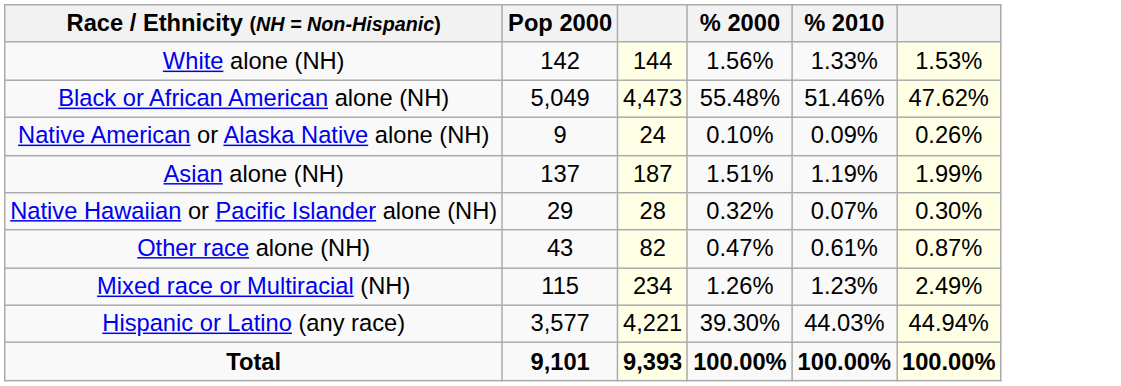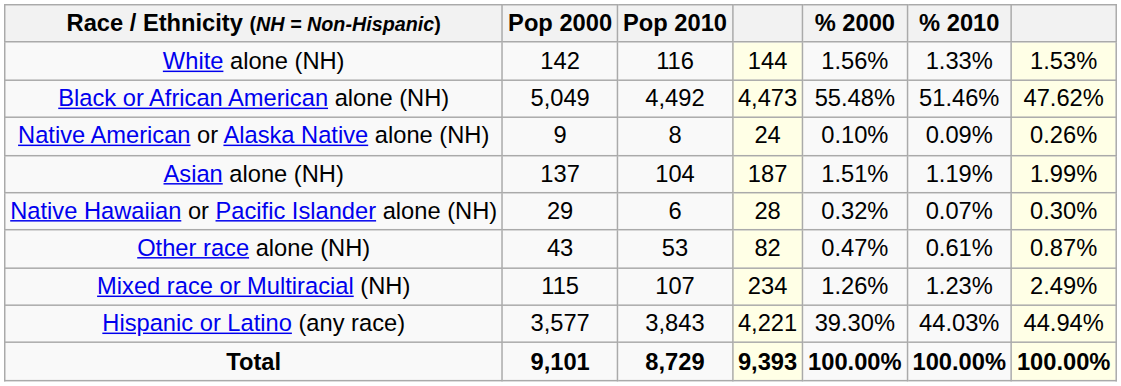 <table class="wikitable" style="text-align:center;">
 <tr>
 <th>Race / Ethnicity <small>(<em>NH = Non-Hispanic</em>)</small></th>
 <th>Pop 2000</th>
+<th>Pop 2010</th>
 <th></th>
 <th>% 2000</th>
 <th>% 2010</th>
 <th></th>
 </tr>
 <tr>
 <td><a href='#'>White</a> alone (NH)</td>
 <td>142</td>
+<td>116</td>
 <td style='background: #ffffe6;'>144</td>
 <td>1.56%</td>
 <td>1.33%</td>
 <td style='background: #ffffe6;'>1.53%</td>
 </tr>
 <tr>
 <td><a href='#'>Black or African American</a> alone (NH)</td>
 <td>5,049</td>
+<td>4,492</td>
 <td style='background: #ffffe6;'>4,473</td>
 <td>55.48%</td>
 <td>51.46%</td>
 <td style='background: #ffffe6;'>47.62%</td>
 </tr>
 <tr>
 <td><a href='#'>Native American</a> or <a href='#'>Alaska Native</a> alone (NH)</td>
 <td>9</td>
+<td>8</td>
 <td style='background: #ffffe6;'>24</td>
 <td>0.10%</td>
 <td>0.09%</td>
 <td style='background: #ffffe6;'>0.26%</td>
 </tr>
 <tr>
 <td><a href='#'>Asian</a> alone (NH)</td>
 <td>137</td>
+<td>104</td>
 <td style='background: #ffffe6;'>187</td>
 <td>1.51%</td>
 <td>1.19%</td>
 <td style='background: #ffffe6;'>1.99%</td>
 </tr>
 <tr>
 <td><a href='#'>Native Hawaiian</a> or <a href='#'>Pacific Islander</a> alone (NH)</td>
 <td>29</td>
+<td>6</td>
 <td style='background: #ffffe6;'>28</td>
 <td>0.32%</td>
 <td>0.07%</td>
 <td style='background: #ffffe6;'>0.30%</td>
 </tr>
 <tr>
 <td><a href='#'>Other race</a> alone (NH)</td>
 <td>43</td>
+<td>53</td>
 <td style='background: #ffffe6;'>82</td>
 <td>0.47%</td>
 <td>0.61%</td>
 <td style='background: #ffffe6;'>0.87%</td>
 </tr>
 <tr>
 <td><a href='#'>Mixed race or Multiracial</a> (NH)</td>
 <td>115</td>
+<td>107</td>
 <td style='background: #ffffe6;'>234</td>
 <td>1.26%</td>
 <td>1.23%</td>
 <td style='background: #ffffe6;'>2.49%</td>
 </tr>
 <tr>
 <td><a href='#'>Hispanic or Latino</a> (any race)</td>
 <td>3,577</td>
+<td>3,843</td>
 <td style='background: #ffffe6;'>4,221</td>
 <td>39.30%</td>
 <td>44.03%</td>
 <td style='background: #ffffe6;'>44.94%</td>
 </tr>
 <tr>
 <td><strong>Total</strong></td>
 <td><strong>9,101</strong></td>
+<td><strong>8,729</strong></td>
 <td style='background: #ffffe6;'><strong>9,393</strong></td>
 <td><strong>100.00%</strong></td>
 <td><strong>100.00%</strong></td>
 <td style='background: #ffffe6;'><strong>100.00%</strong></td>
 </tr>
 </table>
